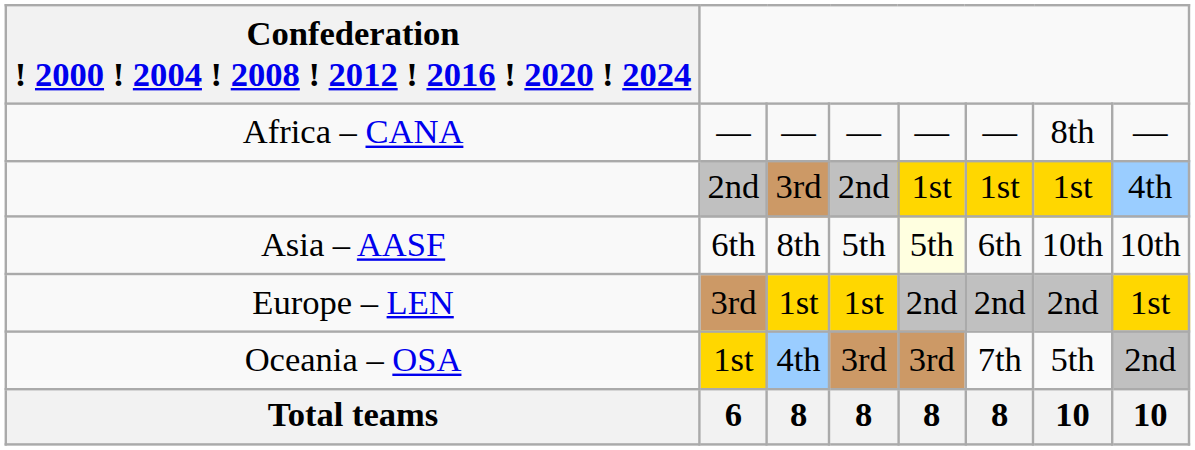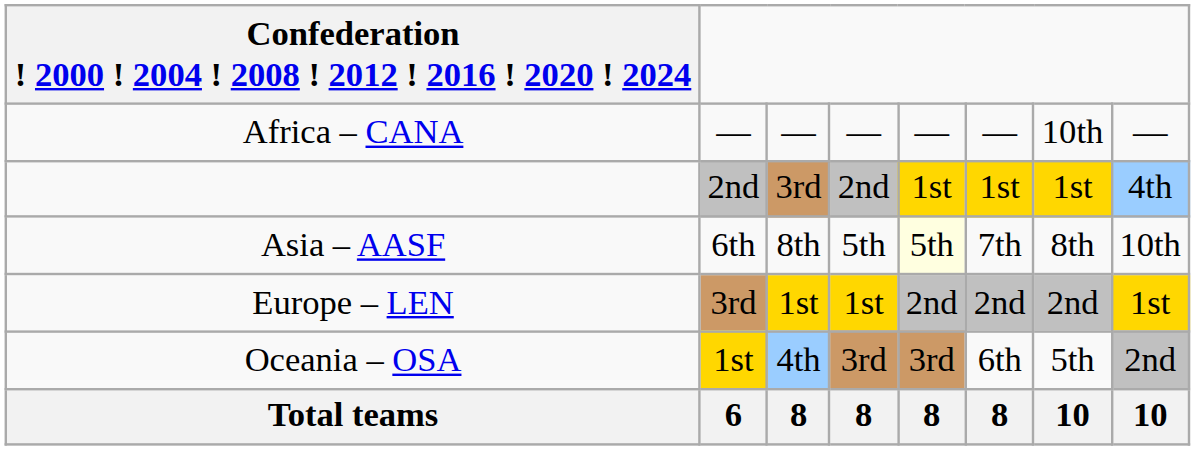 <table class="wikitable" style="text-align: center; font-size: 90%; margin-left: 1em;">
 <tr>
 <th>Confederation<br>! <a href='#'>2000</a> ! <a href='#'>2004</a> ! <a href='#'>2008</a> ! <a href='#'>2012</a> ! <a href='#'>2016</a> ! <a href='#'>2020</a> ! <a href='#'>2024</a></th>
 </tr>
 <tr>
 <td>Africa – <a href='#'>CANA</a></td>
 <td>—</td>
 <td>—</td>
 <td>—</td>
 <td>—</td>
 <td>—</td>
-<td>8th</td>
+<td>10th</td>
 <td>—</td>
 </tr>
 <tr>
 <td></td>
 <td style="background-color: silver;">2nd</td>
 <td style="background-color: #cc9966;">3rd</td>
 <td style="background-color: silver;">2nd</td>
 <td style="background-color: gold;">1st</td>
 <td style="background-color: gold;">1st</td>
 <td style="background-color: gold;">1st</td>
 <td style="background-color: #9acdff;">4th</td>
 </tr>
 <tr>
 <td>Asia – <a href='#'>AASF</a></td>
 <td>6th</td>
 <td>8th</td>
 <td>5th</td>
 <td style="background: lightyellow;">5th</td>
-<td>6th</td>
-<td>10th</td>
+<td>7th</td>
+<td>8th</td>
 <td>10th</td>
 </tr>
 <tr>
 <td>Europe – <a href='#'>LEN</a></td>
 <td style="background-color: #cc9966;">3rd</td>
 <td style="background-color: gold;">1st</td>
 <td style="background-color: gold;">1st</td>
 <td style="background-color: silver;">2nd</td>
 <td style="background-color: silver;">2nd</td>
 <td style="background-color: silver;">2nd</td>
 <td style="background-color: gold;">1st</td>
 </tr>
 <tr>
 <td>Oceania – <a href='#'>OSA</a></td>
 <td style="background-color: gold;">1st</td>
 <td style="background-color: #9acdff;">4th</td>
 <td style="background-color: #cc9966;">3rd</td>
 <td style="background-color: #cc9966;">3rd</td>
-<td>7th</td>
+<td>6th</td>
 <td>5th</td>
 <td style="background-color: silver;">2nd</td>
 </tr>
 <tr>
 <th>Total teams</th>
 <th>6</th>
 <th>8</th>
 <th>8</th>
 <th>8</th>
 <th>8</th>
 <th>10</th>
 <th>10</th>
 </tr>
 </table>
